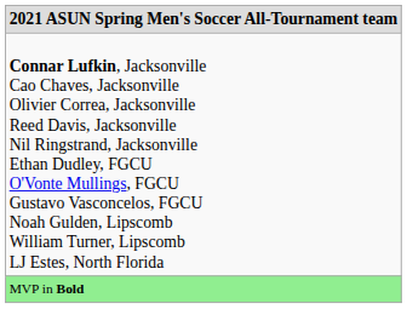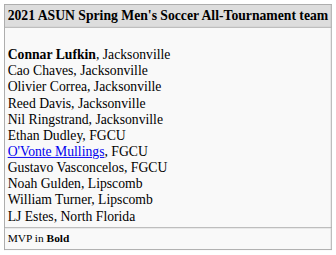 <table class="wikitable" style="white-space:nowrap; font-size:90%;">
 <tr>
 <td colspan="7" style="text-align:center; background:#ddd;"><strong>2021 ASUN Spring Men's Soccer All-Tournament team</strong></td>
 </tr>
 <tr>
 <td><br><strong>Connar Lufkin</strong>, Jacksonville<br> Cao Chaves, Jacksonville<br> Olivier Correa, Jacksonville<br> Reed Davis, Jacksonville<br> Nil Ringstrand, Jacksonville<br> Ethan Dudley, FGCU<br> <a href='#'>O'Vonte Mullings</a>, FGCU<br> Gustavo Vasconcelos, FGCU<br> Noah Gulden, Lipscomb<br> William Turner, Lipscomb<br> LJ Estes, North Florida<br></td>
 </tr>
 <tr>
-<td style="background: lightgreen;"><small>MVP in <strong>Bold</strong></small></td>
+<td><small>MVP in <strong>Bold</strong></small></td>
 </tr>
 </table>
